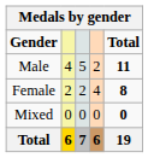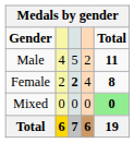 <table class="wikitable" style="font-size:85%; float:right">
 <tr style="background:#efefef;">
 <th colspan=5>Medals by gender</th>
 </tr>
 <tr align=center>
 <td><strong>Gender</strong></td>
 <td bgcolor=#F7F6A8></td>
 <td bgcolor=#DCE5E5></td>
 <td bgcolor=#FFDAB9></td>
 <td><strong>Total</strong></td>
 </tr>
 <tr align=center>
 <td>Male</td>
 <td style="background:#F7F6A8;">4</td>
 <td style="background:#DCE5E5;">5</td>
 <td style="background:#FFDAB9;">2</td>
 <td><strong>11</strong></td>
 </tr>
 <tr align=center>
 <td>Female</td>
 <td style="background:#F7F6A8;">2</td>
-<td style="background:#DCE5E5;">2</td>
+<td style="background:#DCE5E5;"><strong>2</strong></td>
 <td style="background:#FFDAB9;">4</td>
 <td><strong>8</strong></td>
 </tr>
 <tr align=center>
 <td>Mixed</td>
 <td style="background:#F7F6A8;">0</td>
 <td style="background:#DCE5E5;">0</td>
 <td style="background:#FFDAB9;">0</td>
-<td><strong>0</strong></td>
+<td style="background: lightgreen;"><strong>0</strong></td>
 </tr>
 <tr align=center>
 <th>Total</th>
 <th style="background:gold">6</th>
 <th style="background:silver">7</th>
 <th style="background:#c96">6</th>
 <th>19</th>
 </tr>
 </table>
